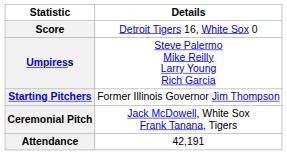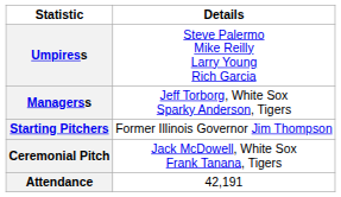 <table class="wikitable" align=center style="margin-left:15px; text-align:center; background:#ffffff;">
 <tr>
 <td><strong>Statistic</strong></td>
 <td><strong>Details</strong></td>
 </tr>
 <tr>
-<th>Score</th>
-<td><a href='#'>Detroit Tigers</a> 16, <a href='#'>White Sox</a> 0</td>
+<th><a href='#'>Umpires</a>s</th>
+<td><a href='#'>Steve Palermo</a><br><a href='#'>Mike Reilly</a><br><a href='#'>Larry Young</a><br><a href='#'>Rich Garcia</a></td>
 </tr>
 <tr>
-<th><a href='#'>Umpires</a>s</th>
-<td><a href='#'>Steve Palermo</a><br><a href='#'>Mike Reilly</a><br><a href='#'>Larry Young</a><br><a href='#'>Rich Garcia</a></td>
+<th><a href='#'>Managers</a>s</th>
+<td><a href='#'>Jeff Torborg</a>, White Sox<br><a href='#'>Sparky Anderson</a>, Tigers</td>
 </tr>
 <tr>
 <th><a href='#'>Starting Pitchers</a></th>
 <td>Former Illinois Governor <a href='#'>Jim Thompson</a></td>
 </tr>
 <tr>
 <th>Ceremonial Pitch</th>
 <td><a href='#'>Jack McDowell</a>, White Sox<br><a href='#'>Frank Tanana</a>, Tigers</td>
 </tr>
 <tr>
 <th>Attendance</th>
 <td>42,191</td>
 </tr>
 </table>
